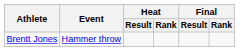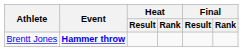 <table class="wikitable" style="font-size:90%">
 <tr>
 <th rowspan="2">Athlete</th>
 <th rowspan="2">Event</th>
 <th colspan="2">Heat</th>
 <th colspan="2">Final</th>
 </tr>
 <tr style="font-size:95%">
 <th>Result</th>
 <th>Rank</th>
 <th>Result</th>
 <th>Rank</th>
 </tr>
 <tr style=text-align:center>
 <td style=text-align:left><a href='#'>Brentt Jones</a></td>
-<td style=text-align:left><a href='#'>Hammer throw</a></td>
+<td style=text-align:left><strong><a href='#'>Hammer throw</a></strong></td>
 <td></td>
 <td></td>
 <td></td>
 <td></td>
 </tr>
 </table>
